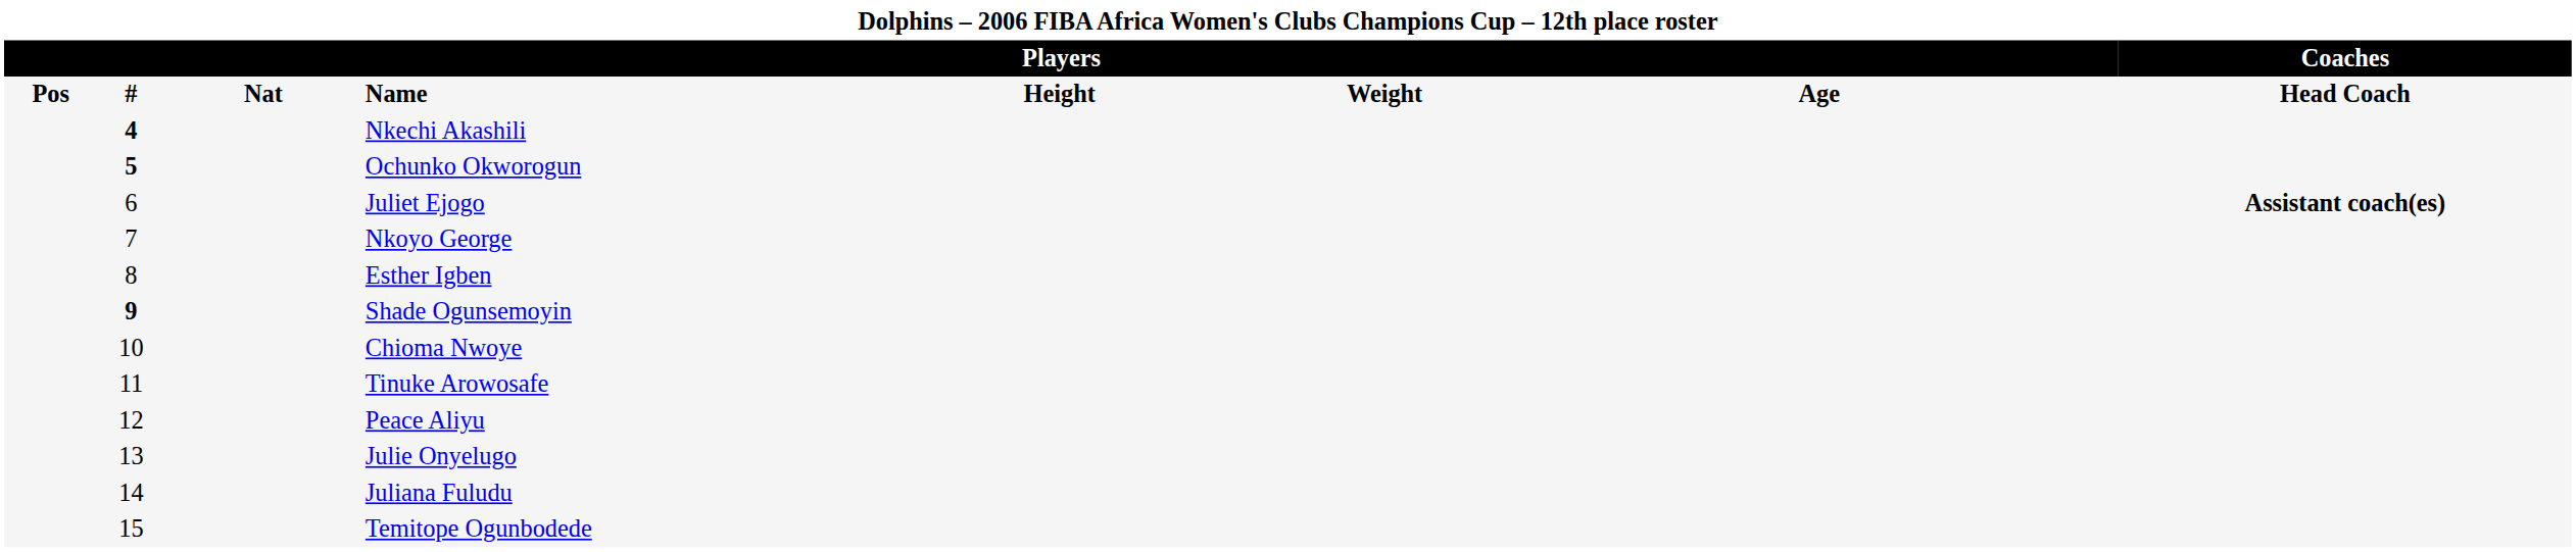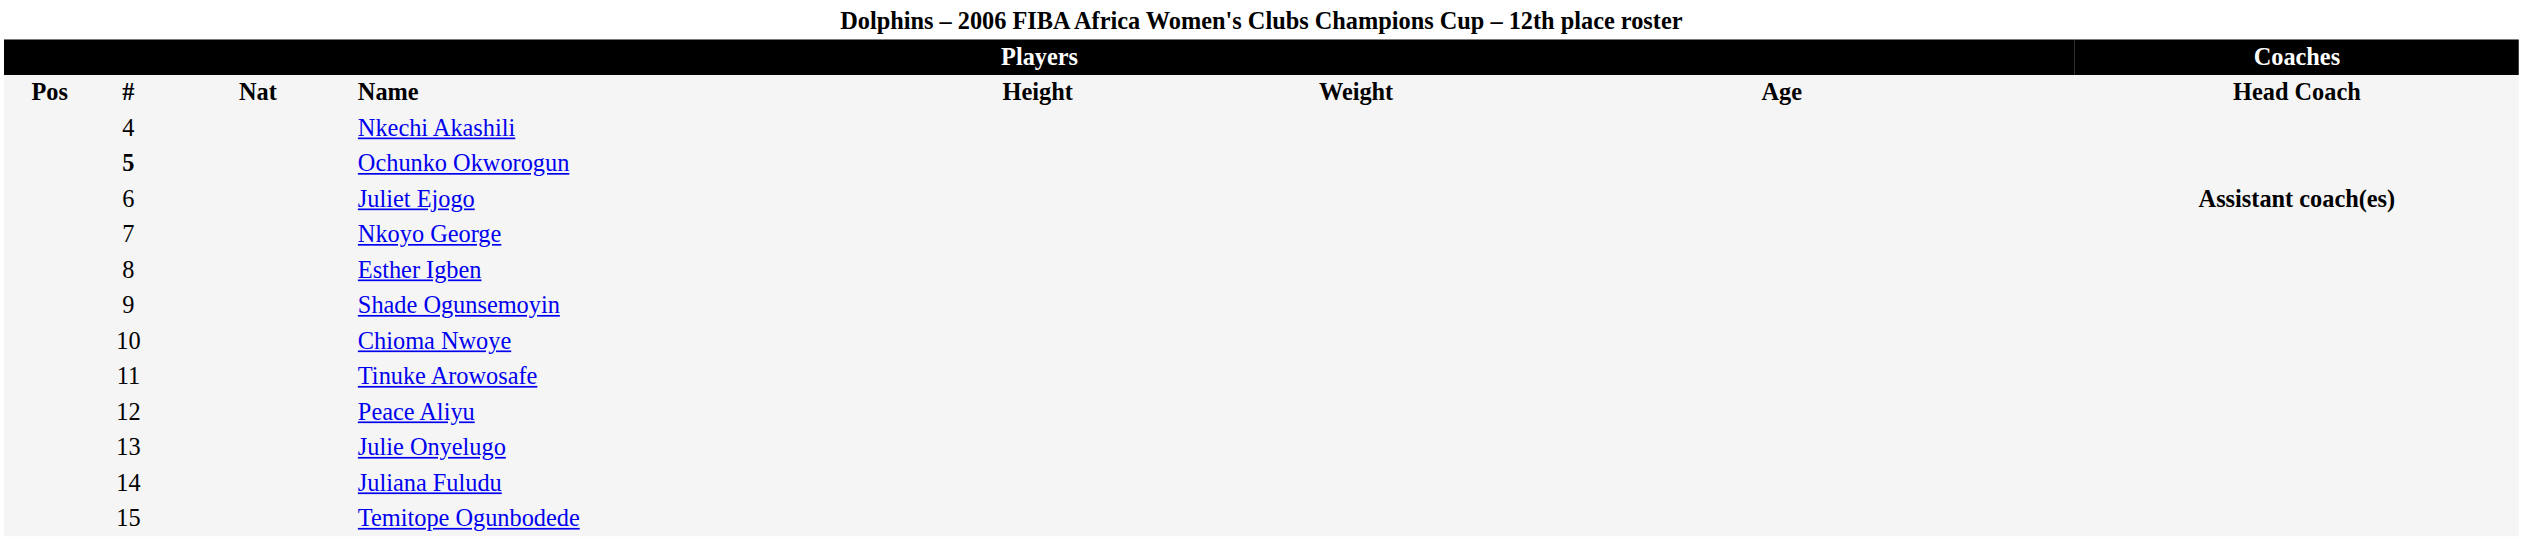 <table border=0 cellpadding=2 cellspacing=0  |- bgcolor=#f5f5f5 style="text-align:center; font-size:90%;" width=75%>
 <tr>
 <td colspan="8" style="background: white; color: black"><strong>Dolphins – 2006 FIBA Africa Women's Clubs Champions Cup – 12th place roster</strong></td>
 </tr>
 <tr>
 <td colspan="7" style="background: black; color: white"><strong>Players</strong></td>
 <td style="background: black; color: white"><strong>Coaches</strong></td>
 </tr>
 <tr style="background=#f5f5f5; color: black">
 <th width=5px>Pos</th>
 <th width=5px>#</th>
 <th width=50px>Nat</th>
 <th width=135px align=left>Name</th>
 <th width=100px>Height</th>
 <th width=70px>Weight</th>
 <th width=160px>Age</th>
 <th width=120px>Head Coach</th>
 </tr>
 <tr>
 <td></td>
-<td><strong>4</strong></td>
+<td>4</td>
 <td></td>
 <td align=left><a href='#'>Nkechi Akashili</a></td>
 <td></td>
 <td></td>
 <td><span></span></td>
 <td></td>
 </tr>
 <tr>
 <td></td>
 <td><strong>5</strong></td>
 <td></td>
 <td align=left><a href='#'>Ochunko Okworogun</a></td>
 <td></td>
 <td></td>
 <td><span></span></td>
 </tr>
 <tr>
 <td></td>
 <td>6</td>
 <td></td>
 <td align=left><a href='#'>Juliet Ejogo</a></td>
 <td></td>
 <td></td>
 <td><span></span></td>
 <td><strong>Assistant coach(es)</strong></td>
 </tr>
 <tr>
 <td></td>
 <td>7</td>
 <td></td>
 <td align=left><a href='#'>Nkoyo George</a></td>
 <td></td>
 <td></td>
 <td><span></span></td>
 <td></td>
 </tr>
 <tr>
 <td></td>
 <td>8</td>
 <td></td>
 <td align=left><a href='#'>Esther Igben</a></td>
 <td></td>
 <td></td>
 <td><span></span></td>
 <td></td>
 </tr>
 <tr>
 <td></td>
-<td><strong>9</strong></td>
+<td>9</td>
 <td></td>
 <td align=left><a href='#'>Shade Ogunsemoyin</a></td>
 <td></td>
 <td></td>
 <td><span></span></td>
 </tr>
 <tr>
 <td></td>
 <td>10</td>
 <td></td>
 <td align=left><a href='#'>Chioma Nwoye</a></td>
 <td></td>
 <td></td>
 <td><span></span></td>
 </tr>
 <tr>
 <td></td>
 <td>11</td>
 <td></td>
 <td align=left><a href='#'>Tinuke Arowosafe</a></td>
 <td></td>
 <td></td>
 <td><span></span></td>
 </tr>
 <tr>
 <td></td>
 <td>12</td>
 <td></td>
 <td align=left><a href='#'>Peace Aliyu</a></td>
 <td></td>
 <td></td>
 <td><span></span></td>
 </tr>
 <tr>
 <td></td>
 <td>13</td>
 <td></td>
 <td align=left><a href='#'>Julie Onyelugo</a></td>
 <td></td>
 <td></td>
 <td><span></span></td>
 </tr>
 <tr>
 <td></td>
 <td>14</td>
 <td></td>
 <td align=left><a href='#'>Juliana Fuludu</a></td>
 <td></td>
 <td></td>
 <td><span></span></td>
 </tr>
 <tr>
 <td></td>
 <td>15</td>
 <td></td>
 <td align=left><a href='#'>Temitope Ogunbodede</a></td>
 <td></td>
 <td></td>
 <td><span></span></td>
 </tr>
 </table>
